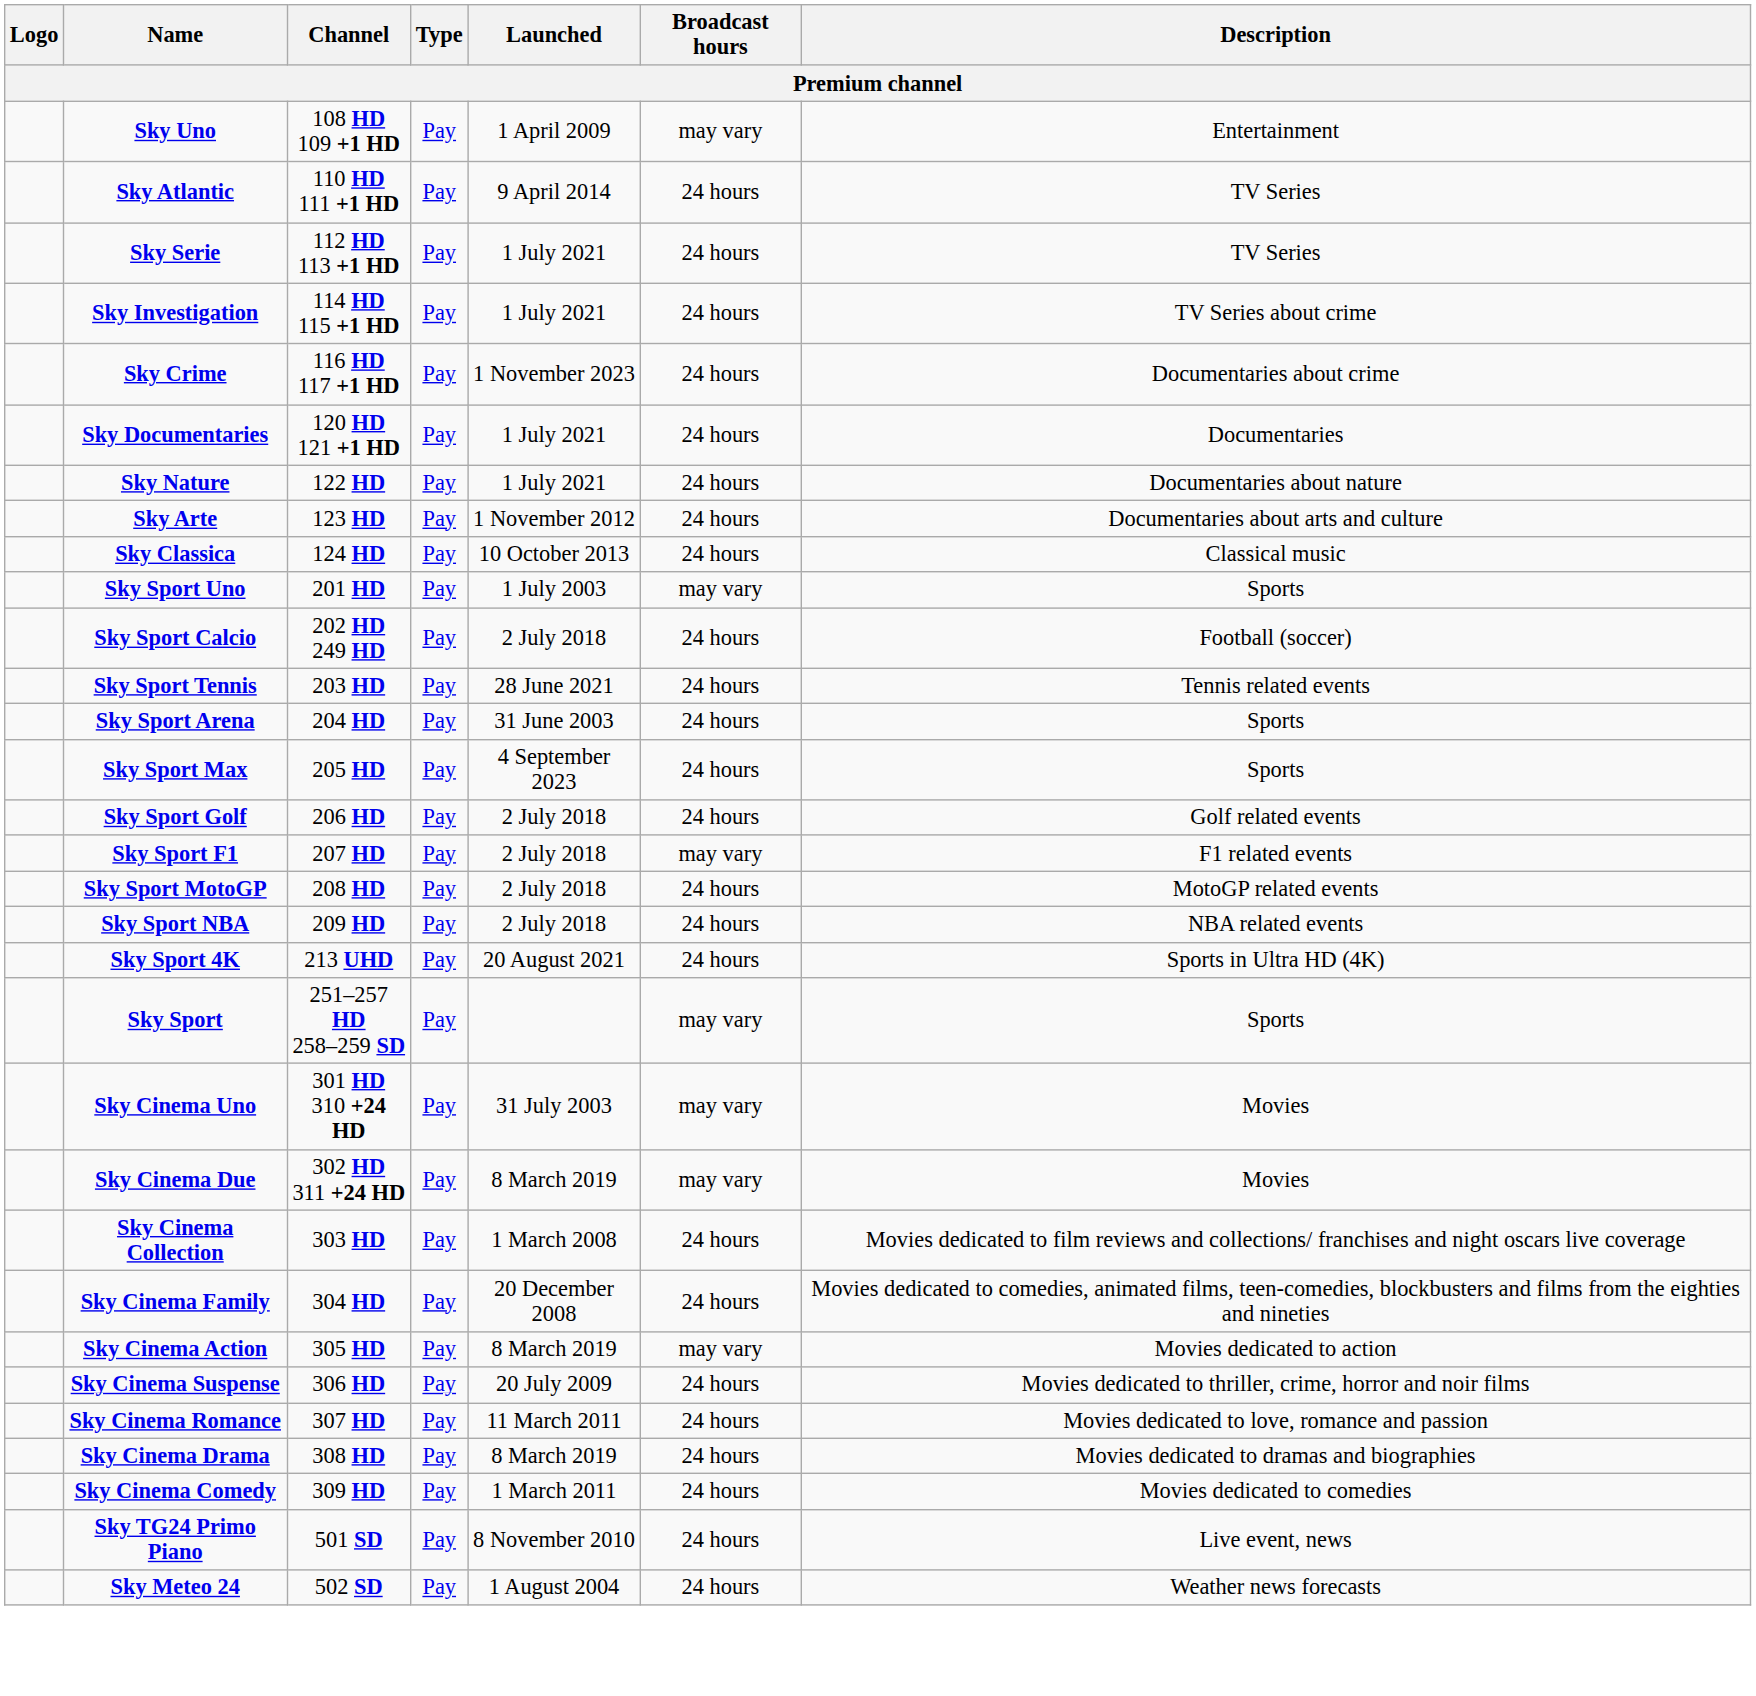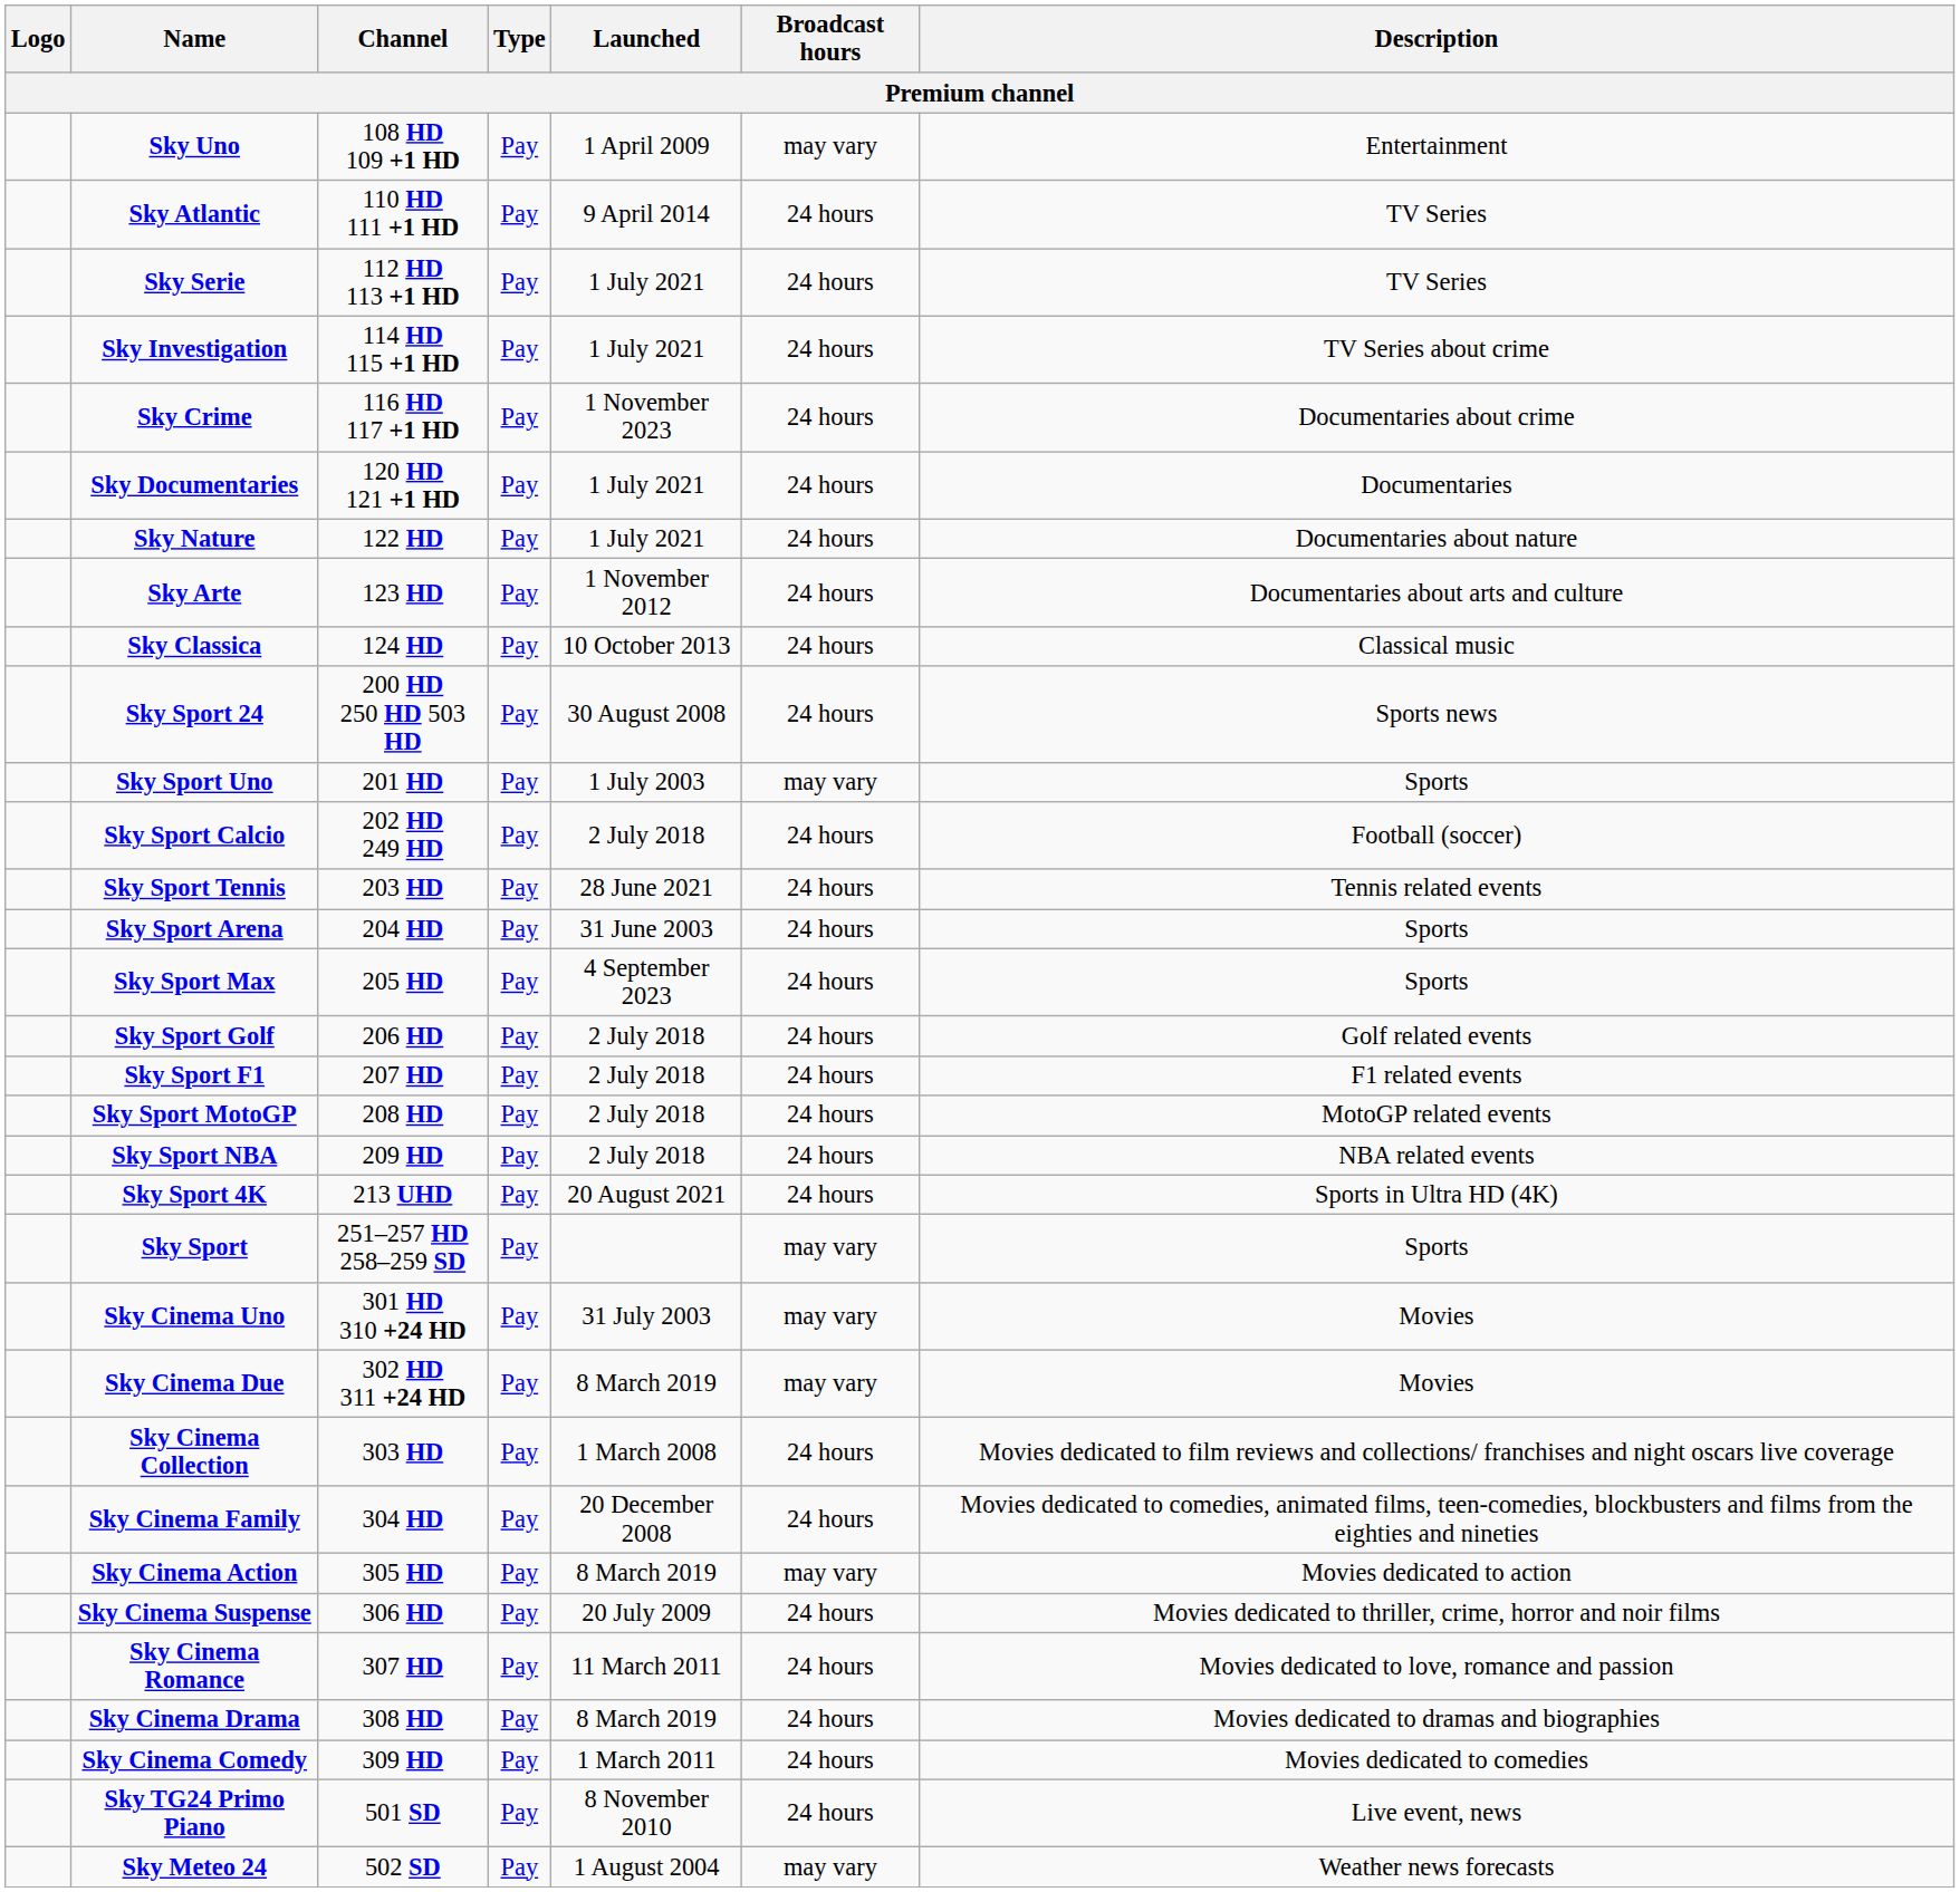 <table class="wikitable" style="text-align:center">
 <tr>
 <th>Logo</th>
 <th>Name</th>
 <th>Channel</th>
 <th>Type</th>
 <th>Launched</th>
 <th>Broadcast hours</th>
 <th>Description</th>
 </tr>
 <tr>
 <th colspan="7">Premium channel</th>
 </tr>
 <tr>
 <td></td>
 <td><strong><a href='#'>Sky Uno</a></strong></td>
 <td>108 <strong><a href='#'>HD</a></strong><br>109 <strong>+1 HD</strong></td>
 <td><a href='#'>Pay</a></td>
 <td>1 April 2009</td>
 <td>may vary</td>
 <td>Entertainment</td>
 </tr>
 <tr>
 <td></td>
 <td><strong><a href='#'>Sky Atlantic</a></strong></td>
 <td>110 <strong><a href='#'>HD</a></strong><br>111 <strong>+1 HD</strong></td>
 <td><a href='#'>Pay</a></td>
 <td>9 April 2014</td>
 <td>24 hours</td>
 <td>TV Series</td>
 </tr>
 <tr>
 <td></td>
 <td><strong><a href='#'>Sky Serie</a></strong></td>
 <td>112 <strong><a href='#'>HD</a></strong><br>113 <strong>+1 HD</strong></td>
 <td><a href='#'>Pay</a></td>
 <td>1 July 2021</td>
 <td>24 hours</td>
 <td>TV Series</td>
 </tr>
 <tr>
 <td></td>
 <td><strong><a href='#'>Sky Investigation</a></strong></td>
 <td>114 <strong><a href='#'>HD</a></strong><br>115 <strong>+1 HD</strong></td>
 <td><a href='#'>Pay</a></td>
 <td>1 July 2021</td>
 <td>24 hours</td>
 <td>TV Series about crime</td>
 </tr>
 <tr>
 <td></td>
 <td><strong><a href='#'>Sky Crime</a></strong></td>
 <td>116 <strong><a href='#'>HD</a></strong><br>117 <strong>+1 HD</strong></td>
 <td><a href='#'>Pay</a></td>
 <td>1 November 2023</td>
 <td>24 hours</td>
 <td>Documentaries about crime</td>
 </tr>
 <tr>
 <td></td>
 <td><strong><a href='#'>Sky Documentaries</a></strong></td>
 <td>120 <strong><a href='#'>HD</a></strong><br>121 <strong>+1 HD</strong></td>
 <td><a href='#'>Pay</a></td>
 <td>1 July 2021</td>
 <td>24 hours</td>
 <td>Documentaries</td>
 </tr>
 <tr>
 <td></td>
 <td><strong><a href='#'>Sky Nature</a></strong></td>
 <td>122 <strong><a href='#'>HD</a></strong></td>
 <td><a href='#'>Pay</a></td>
 <td>1 July 2021</td>
 <td>24 hours</td>
 <td>Documentaries about nature</td>
 </tr>
 <tr>
 <td></td>
 <td><strong><a href='#'>Sky Arte</a></strong></td>
 <td>123 <strong><a href='#'>HD</a></strong></td>
 <td><a href='#'>Pay</a></td>
 <td>1 November 2012</td>
 <td>24 hours</td>
 <td>Documentaries about arts and culture</td>
 </tr>
 <tr>
 <td></td>
 <td><strong><a href='#'>Sky Classica</a></strong></td>
 <td>124 <strong><a href='#'>HD</a></strong></td>
 <td><a href='#'>Pay</a></td>
 <td>10 October 2013</td>
 <td>24 hours</td>
 <td>Classical music</td>
 </tr>
 <tr>
 <td></td>
+<td><strong><a href='#'>Sky Sport 24</a></strong></td>
+<td>200 <strong><a href='#'>HD</a></strong><br>250 <strong><a href='#'>HD</a></strong>  503 <strong><a href='#'>HD</a></strong></td>
+<td><a href='#'>Pay</a></td>
+<td>30 August 2008</td>
+<td>24 hours</td>
+<td>Sports news</td>
+</tr>
+<tr>
+<td></td>
 <td><strong><a href='#'>Sky Sport Uno</a></strong></td>
 <td>201 <strong><a href='#'>HD</a></strong></td>
 <td><a href='#'>Pay</a></td>
 <td>1 July 2003</td>
 <td>may vary</td>
 <td>Sports</td>
 </tr>
 <tr>
 <td></td>
 <td><strong><a href='#'>Sky Sport Calcio</a></strong></td>
 <td>202 <strong><a href='#'>HD</a></strong><br>249 <strong><a href='#'>HD</a></strong></td>
 <td><a href='#'>Pay</a></td>
 <td>2 July 2018</td>
 <td>24 hours</td>
 <td>Football (soccer)</td>
 </tr>
 <tr>
 <td></td>
 <td><strong><a href='#'>Sky Sport Tennis</a></strong></td>
 <td>203 <strong><a href='#'>HD</a></strong></td>
 <td><a href='#'>Pay</a></td>
 <td>28 June 2021</td>
 <td>24 hours</td>
 <td>Tennis related events</td>
 </tr>
 <tr>
 <td></td>
 <td><strong><a href='#'>Sky Sport Arena</a></strong></td>
 <td>204 <strong><a href='#'>HD</a></strong></td>
 <td><a href='#'>Pay</a></td>
 <td>31 June 2003</td>
 <td>24 hours</td>
 <td>Sports</td>
 </tr>
 <tr>
 <td></td>
 <td><strong><a href='#'>Sky Sport Max</a></strong></td>
 <td>205 <strong><a href='#'>HD</a></strong></td>
 <td><a href='#'>Pay</a></td>
 <td>4 September 2023</td>
 <td>24 hours</td>
 <td>Sports</td>
 </tr>
 <tr>
 <td></td>
 <td><strong><a href='#'>Sky Sport Golf</a></strong></td>
 <td>206 <strong><a href='#'>HD</a></strong></td>
 <td><a href='#'>Pay</a></td>
 <td>2 July 2018</td>
 <td>24 hours</td>
 <td>Golf related events</td>
 </tr>
 <tr>
 <td></td>
 <td><strong><a href='#'>Sky Sport F1</a></strong></td>
 <td>207 <strong><a href='#'>HD</a></strong></td>
 <td><a href='#'>Pay</a></td>
 <td>2 July 2018</td>
-<td>may vary</td>
+<td>24 hours</td>
 <td>F1 related events</td>
 </tr>
 <tr>
 <td></td>
 <td><strong><a href='#'>Sky Sport MotoGP</a></strong></td>
 <td>208 <strong><a href='#'>HD</a></strong></td>
 <td><a href='#'>Pay</a></td>
 <td>2 July 2018</td>
 <td>24 hours</td>
 <td>MotoGP related events</td>
 </tr>
 <tr>
 <td></td>
 <td><strong><a href='#'>Sky Sport NBA</a></strong></td>
 <td>209 <strong><a href='#'>HD</a></strong></td>
 <td><a href='#'>Pay</a></td>
 <td>2 July 2018</td>
 <td>24 hours</td>
 <td>NBA related events</td>
 </tr>
 <tr>
 <td></td>
 <td><strong><a href='#'>Sky Sport 4K</a></strong></td>
 <td>213 <strong><a href='#'>UHD</a></strong></td>
 <td><a href='#'>Pay</a></td>
 <td>20 August 2021</td>
 <td>24 hours</td>
 <td>Sports in Ultra HD (4K)</td>
 </tr>
 <tr>
 <td></td>
 <td><strong><a href='#'>Sky Sport</a></strong></td>
 <td>251–257 <strong><a href='#'>HD</a></strong><br>258–259 <strong><a href='#'>SD</a></strong></td>
 <td><a href='#'>Pay</a></td>
 <td></td>
 <td>may vary</td>
 <td>Sports</td>
 </tr>
 <tr>
 <td></td>
 <td><strong><a href='#'>Sky Cinema Uno</a></strong></td>
 <td>301 <strong><a href='#'>HD</a></strong><br>310 <strong>+24 HD</strong></td>
 <td><a href='#'>Pay</a></td>
 <td>31 July 2003</td>
 <td>may vary</td>
 <td>Movies</td>
 </tr>
 <tr>
 <td></td>
 <td><strong><a href='#'>Sky Cinema Due</a></strong></td>
 <td>302 <strong><a href='#'>HD</a></strong><br>311 <strong>+24 HD</strong></td>
 <td><a href='#'>Pay</a></td>
 <td>8 March 2019</td>
 <td>may vary</td>
 <td>Movies</td>
 </tr>
 <tr>
 <td></td>
 <td><strong><a href='#'>Sky Cinema Collection</a></strong></td>
 <td>303 <strong><a href='#'>HD</a></strong></td>
 <td><a href='#'>Pay</a></td>
 <td>1 March 2008</td>
 <td>24 hours</td>
 <td>Movies dedicated to film reviews and collections/ franchises and night oscars live coverage</td>
 </tr>
 <tr>
 <td></td>
 <td><strong><a href='#'>Sky Cinema Family</a></strong></td>
 <td>304 <strong><a href='#'>HD</a></strong></td>
 <td><a href='#'>Pay</a></td>
 <td>20 December 2008</td>
 <td>24 hours</td>
 <td>Movies dedicated to comedies, animated films, teen-comedies, blockbusters and films from the eighties and nineties</td>
 </tr>
 <tr>
 <td></td>
 <td><strong><a href='#'>Sky Cinema Action</a></strong></td>
 <td>305 <strong><a href='#'>HD</a></strong></td>
 <td><a href='#'>Pay</a></td>
 <td>8 March 2019</td>
 <td>may vary</td>
 <td>Movies dedicated to action</td>
 </tr>
 <tr>
 <td></td>
 <td><strong><a href='#'>Sky Cinema Suspense</a></strong></td>
 <td>306 <strong><a href='#'>HD</a></strong></td>
 <td><a href='#'>Pay</a></td>
 <td>20 July 2009</td>
 <td>24 hours</td>
 <td>Movies dedicated to thriller, crime, horror and noir films</td>
 </tr>
 <tr>
 <td></td>
 <td><strong><a href='#'>Sky Cinema Romance</a></strong></td>
 <td>307 <strong><a href='#'>HD</a></strong></td>
 <td><a href='#'>Pay</a></td>
 <td>11 March 2011</td>
 <td>24 hours</td>
 <td>Movies dedicated to love, romance and passion</td>
 </tr>
 <tr>
 <td></td>
 <td><strong><a href='#'>Sky Cinema Drama</a></strong></td>
 <td>308 <strong><a href='#'>HD</a></strong></td>
 <td><a href='#'>Pay</a></td>
 <td>8 March 2019</td>
 <td>24 hours</td>
 <td>Movies dedicated to dramas and biographies</td>
 </tr>
 <tr>
 <td></td>
 <td><strong><a href='#'>Sky Cinema Comedy</a></strong></td>
 <td>309 <strong><a href='#'>HD</a></strong></td>
 <td><a href='#'>Pay</a></td>
 <td>1 March 2011</td>
 <td>24 hours</td>
 <td>Movies dedicated to comedies </td>
 </tr>
 <tr>
 <td></td>
 <td><strong><a href='#'>Sky TG24 Primo Piano</a></strong></td>
 <td>501 <strong><a href='#'>SD</a></strong></td>
 <td><a href='#'>Pay</a></td>
 <td>8 November 2010</td>
 <td>24 hours</td>
 <td>Live event, news</td>
 </tr>
 <tr>
 <td></td>
 <td><strong><a href='#'>Sky Meteo 24</a></strong></td>
 <td>502 <strong><a href='#'>SD</a></strong></td>
 <td><a href='#'>Pay</a></td>
 <td>1 August 2004</td>
-<td>24 hours</td>
+<td>may vary</td>
 <td>Weather news forecasts</td>
 </tr>
 </table>
